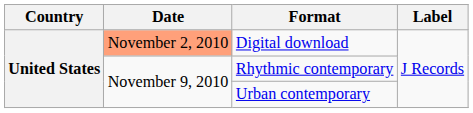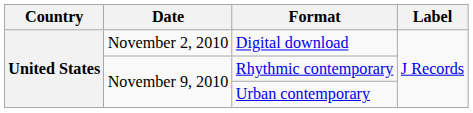 <table class="wikitable plainrowheaders">
 <tr>
 <th scope="col">Country</th>
 <th scope="col">Date</th>
 <th scope="col">Format</th>
 <th scope="col">Label</th>
 </tr>
 <tr>
 <th scope="row" rowspan="3">United States</th>
-<td style="background: lightsalmon;">November 2, 2010</td>
+<td>November 2, 2010</td>
 <td><a href='#'>Digital download</a></td>
 <td rowspan="3"><a href='#'>J Records</a></td>
 </tr>
 <tr>
 <td rowspan="2">November 9, 2010</td>
 <td><a href='#'>Rhythmic contemporary</a></td>
 </tr>
 <tr>
 <td><a href='#'>Urban contemporary</a></td>
 </tr>
 </table>
